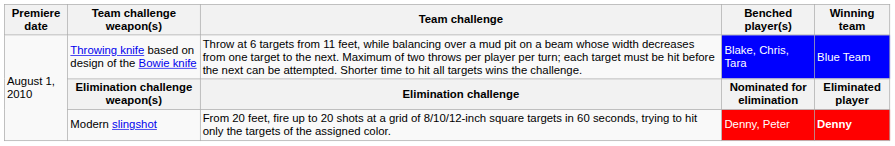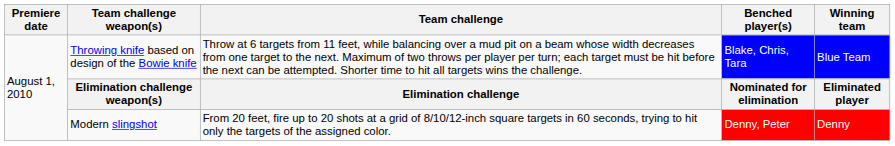 <table class="wikitable">
 <tr>
 <th>Premiere date</th>
 <th>Team challenge weapon(s)</th>
 <th>Team challenge</th>
 <th>Benched player(s)</th>
 <th>Winning team</th>
 </tr>
 <tr>
 <td rowspan="3">August 1, 2010</td>
 <td><a href='#'>Throwing knife</a> based on design of the <a href='#'>Bowie knife</a></td>
 <td>Throw at 6 targets from 11 feet, while balancing over a mud pit on a beam whose width decreases from one target to the next. Maximum of two throws per player per turn; each target must be hit before the next can be attempted. Shorter time to hit all targets wins the challenge.</td>
 <td style="background:blue; color:white;">Blake, Chris, Tara</td>
 <td style="background:blue; color:white;">Blue Team</td>
 </tr>
 <tr>
 <th>Elimination challenge weapon(s)</th>
 <th>Elimination challenge</th>
 <th>Nominated for elimination</th>
 <th>Eliminated player</th>
 </tr>
 <tr>
 <td>Modern <a href='#'>slingshot</a></td>
 <td>From 20 feet, fire up to 20 shots at a grid of 8/10/12-inch square targets in 60 seconds, trying to hit only the targets of the assigned color.</td>
 <td style="background:red; color:white;">Denny, Peter</td>
-<td style="background:red; color:white;"><strong>Denny</strong></td>
+<td style="background:red; color:white;">Denny</td>
 </tr>
 </table>
